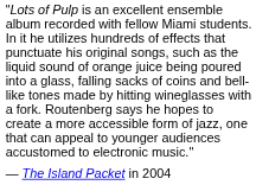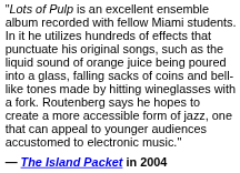 <table class="toccolours" style="float: right; margin-left: 1em; margin-right: 2em; font-size: 85%; background:offwhite; color:black; width:20em; max-width: 40%;" cellspacing="5">
 <tr>
 <td style="text-align: left;">"<em>Lots of Pulp</em> is an excellent ensemble album recorded with fellow Miami students. In it he utilizes hundreds of effects that punctuate his original songs, such as the liquid sound of orange juice being poured into a glass, falling sacks of coins and bell-like tones made by hitting wineglasses with a fork. Routenberg says he hopes to create a more accessible form of jazz, one that can appeal to younger audiences accustomed to electronic music."</td>
 </tr>
 <tr>
-<td style="text-align: left;">— <em><a href='#'>The Island Packet</a></em> in 2004</td>
+<td style="text-align: left;"><strong>— <em><a href='#'>The Island Packet</a></em> in 2004</strong></td>
 </tr>
 </table>
